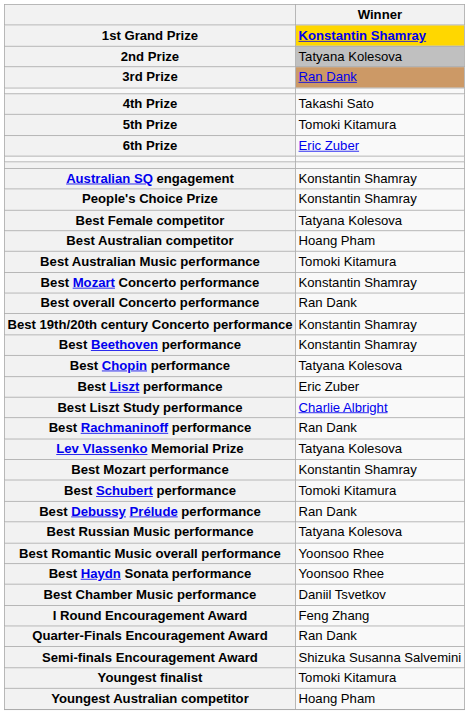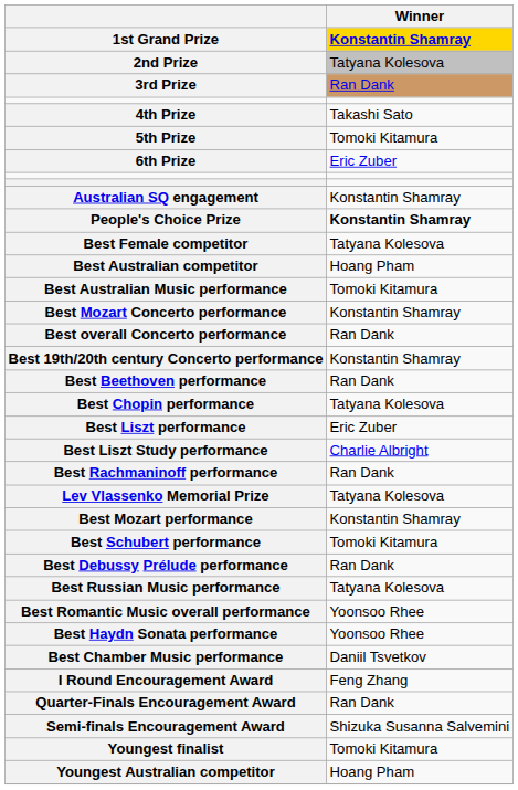 <table class="wikitable">
 <tr>
 <th></th>
 <th>Winner</th>
 </tr>
 <tr>
 <th>1st Grand Prize</th>
 <td bgcolor="gold"> <strong><a href='#'>Konstantin Shamray</a></strong></td>
 </tr>
 <tr>
 <th>2nd Prize</th>
 <td bgcolor="silver"> Tatyana Kolesova</td>
 </tr>
 <tr>
 <th>3rd Prize</th>
 <td bgcolor="cc9966"> <a href='#'>Ran Dank</a></td>
 </tr>
 <tr>
 <td></td>
 <td></td>
 </tr>
 <tr>
 <th>4th Prize</th>
 <td> Takashi Sato</td>
 </tr>
 <tr>
 <th>5th Prize</th>
 <td> Tomoki Kitamura</td>
 </tr>
 <tr>
 <th>6th Prize</th>
 <td> <a href='#'>Eric Zuber</a></td>
 </tr>
 <tr>
 <td></td>
 </tr>
 <tr>
 <th></th>
 <td></td>
 </tr>
 <tr>
 <th><a href='#'>Australian SQ</a> engagement</th>
 <td> Konstantin Shamray</td>
 </tr>
 <tr>
 <th>People's Choice Prize</th>
-<td> Konstantin Shamray</td>
+<td><strong> Konstantin Shamray</strong></td>
 </tr>
 <tr>
 <th>Best Female competitor</th>
 <td> Tatyana Kolesova</td>
 </tr>
 <tr>
 <th>Best Australian competitor</th>
 <td> Hoang Pham</td>
 </tr>
 <tr>
 <th>Best Australian Music performance</th>
 <td> Tomoki Kitamura</td>
 </tr>
 <tr>
 <th>Best <a href='#'>Mozart</a> Concerto performance</th>
 <td> Konstantin Shamray</td>
 </tr>
 <tr>
 <th>Best overall Concerto performance</th>
 <td> Ran Dank</td>
 </tr>
 <tr>
 <th>Best 19th/20th century Concerto performance</th>
 <td> Konstantin Shamray</td>
 </tr>
 <tr>
 <th>Best <a href='#'>Beethoven</a> performance</th>
-<td> Konstantin Shamray</td>
+<td> Ran Dank</td>
 </tr>
 <tr>
 <th>Best <a href='#'>Chopin</a> performance</th>
 <td> Tatyana Kolesova</td>
 </tr>
 <tr>
 <th>Best <a href='#'>Liszt</a> performance</th>
 <td> Eric Zuber</td>
 </tr>
 <tr>
 <th>Best Liszt Study performance</th>
 <td> <a href='#'>Charlie Albright</a></td>
 </tr>
 <tr>
 <th>Best <a href='#'>Rachmaninoff</a> performance</th>
 <td> Ran Dank</td>
 </tr>
 <tr>
 <th><a href='#'>Lev Vlassenko</a> Memorial Prize</th>
 <td> Tatyana Kolesova</td>
 </tr>
 <tr>
 <th>Best Mozart performance</th>
 <td> Konstantin Shamray</td>
 </tr>
 <tr>
 <th>Best <a href='#'>Schubert</a> performance</th>
 <td> Tomoki Kitamura</td>
 </tr>
 <tr>
 <th>Best <a href='#'>Debussy</a> <a href='#'>Prélude</a> performance</th>
 <td> Ran Dank</td>
 </tr>
 <tr>
 <th>Best Russian Music performance</th>
 <td> Tatyana Kolesova</td>
 </tr>
 <tr>
 <th>Best Romantic Music overall performance</th>
 <td> Yoonsoo Rhee</td>
 </tr>
 <tr>
 <th>Best <a href='#'>Haydn</a> Sonata performance</th>
 <td> Yoonsoo Rhee</td>
 </tr>
 <tr>
 <th>Best Chamber Music performance</th>
 <td> Daniil Tsvetkov</td>
 </tr>
 <tr>
 <th>I Round Encouragement Award</th>
 <td> Feng Zhang</td>
 </tr>
 <tr>
 <th>Quarter-Finals Encouragement Award</th>
 <td> Ran Dank</td>
 </tr>
 <tr>
 <th>Semi-finals Encouragement Award</th>
 <td> Shizuka Susanna Salvemini</td>
 </tr>
 <tr>
 <th>Youngest finalist</th>
 <td> Tomoki Kitamura</td>
 </tr>
 <tr>
 <th>Youngest Australian competitor</th>
 <td> Hoang Pham</td>
 </tr>
 <tr>
 </tr>
 </table>
